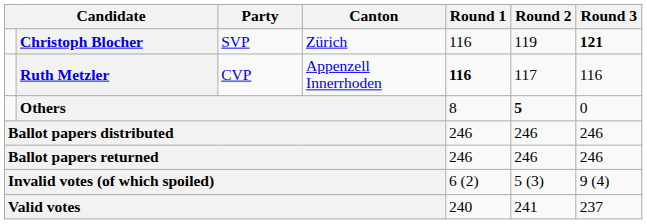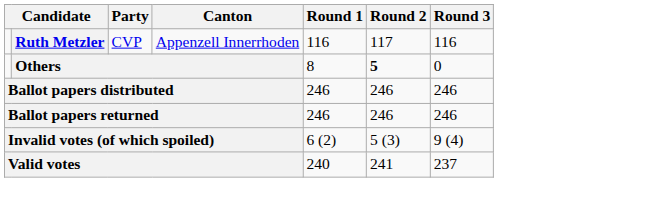 <table class="wikitable">
 <tr>
 <th colspan=2>Candidate</th>
 <th>Party</th>
 <th>Canton</th>
 <th>Round 1</th>
 <th>Round 2</th>
 <th>Round 3</th>
 </tr>
 <tr>
-<td width=5px style="background-color: "></td>
-<td width=200px style="background-color:#F2F2F2"><strong><a href='#'>Christoph Blocher</a></strong></td>
-<td width=80px><a href='#'>SVP</a></td>
-<td width=140px><a href='#'>Zürich</a></td>
-<td width=60px>116</td>
-<td width=60px>119</td>
-<td width=60px><strong>121</strong></td>
-</tr>
-<tr>
 <td style="background-color: "></td>
 <td style="background-color:#F2F2F2"><strong><a href='#'>Ruth Metzler</a></strong></td>
 <td><a href='#'>CVP</a></td>
 <td><a href='#'>Appenzell Innerrhoden</a></td>
-<td><strong>116</strong></td>
+<td>116</td>
 <td>117</td>
 <td>116</td>
 </tr>
 <tr>
 <td></td>
 <td colspan=3 style="background-color:#F2F2F2"><strong>Others</strong></td>
 <td>8</td>
 <td><strong>5</strong></td>
 <td>0</td>
 </tr>
 <tr>
 <td colspan=4 style="background-color:#F2F2F2"><strong>Ballot papers distributed</strong></td>
 <td>246</td>
 <td>246</td>
 <td>246</td>
 </tr>
 <tr>
 <td colspan=4 style="background-color:#F2F2F2"><strong>Ballot papers returned</strong></td>
 <td>246</td>
 <td>246</td>
 <td>246</td>
 </tr>
 <tr>
 <td colspan=4 style="background-color:#F2F2F2"><strong>Invalid votes (of which spoiled)</strong></td>
 <td>6 (2)</td>
 <td>5 (3)</td>
 <td>9 (4)</td>
 </tr>
 <tr>
 <td colspan=4 style="background-color:#F2F2F2"><strong>Valid votes</strong></td>
 <td>240</td>
 <td>241</td>
 <td>237</td>
 </tr>
 </table>
